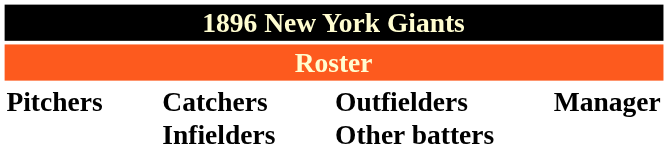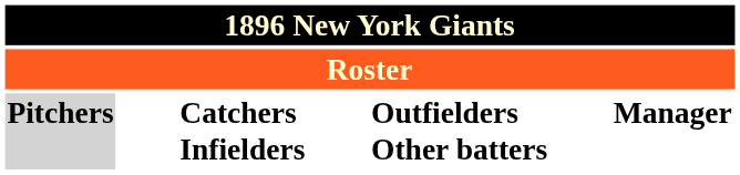 <table class="toccolours" style="font-size: 95%;">
 <tr>
 <th colspan="10" style="background-color: black; color: #FFFDD0; text-align: center;">1896 New York Giants</th>
 </tr>
 <tr>
 <td colspan="10" style="background-color: #fd5a1e; color: #FFFDD0; text-align: center;"><strong>Roster</strong></td>
 </tr>
 <tr>
-<td valign="top"><strong>Pitchers</strong><br>          </td>
+<td valign="top" style="background: lightgrey;"><strong>Pitchers</strong><br>          </td>
 <td width="25px"></td>
 <td valign="top"><strong>Catchers</strong><br>    <strong>Infielders</strong>        </td>
 <td width="25px"></td>
 <td valign="top"><strong>Outfielders</strong><br>      <strong>Other batters</strong> </td>
 <td width="25px"></td>
 <td valign="top"><strong>Manager</strong><br> </td>
 </tr>
 </table>
